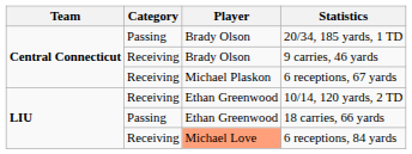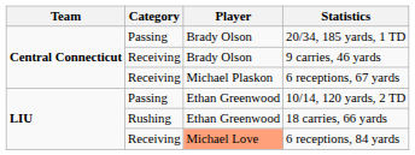 <table class="wikitable" style="float: right;">
 <tr>
 <th>Team</th>
 <th>Category</th>
 <th>Player</th>
 <th>Statistics</th>
 </tr>
 <tr>
 <td rowspan=3><strong>Central Connecticut</strong></td>
 <td>Passing</td>
 <td>Brady Olson</td>
 <td>20/34, 185 yards, 1 TD</td>
 </tr>
 <tr>
 <td>Receiving</td>
 <td>Brady Olson</td>
 <td>9 carries, 46 yards</td>
 </tr>
 <tr>
 <td>Receiving</td>
 <td>Michael Plaskon</td>
 <td>6 receptions, 67 yards</td>
 </tr>
 <tr>
 <td rowspan=3><strong>LIU</strong></td>
-<td>Receiving</td>
+<td>Passing</td>
 <td>Ethan Greenwood</td>
 <td>10/14, 120 yards, 2 TD</td>
 </tr>
 <tr>
-<td>Passing</td>
+<td>Rushing</td>
 <td>Ethan Greenwood</td>
 <td>18 carries, 66 yards</td>
 </tr>
 <tr>
 <td>Receiving</td>
 <td style="background: lightsalmon;">Michael Love</td>
 <td>6 receptions, 84 yards</td>
 </tr>
 </table>
